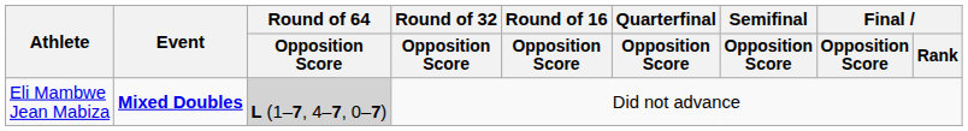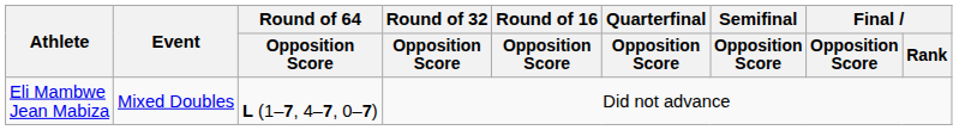 <table class=wikitable style="font-size:90%">
 <tr>
 <th rowspan=2>Athlete</th>
 <th rowspan=2>Event</th>
 <th>Round of 64</th>
 <th>Round of 32</th>
 <th>Round of 16</th>
 <th>Quarterfinal</th>
 <th>Semifinal</th>
 <th colspan=2>Final / </th>
 </tr>
 <tr style="font-size:95%">
 <th>Opposition<br>Score</th>
 <th>Opposition<br>Score</th>
 <th>Opposition<br>Score</th>
 <th>Opposition<br>Score</th>
 <th>Opposition<br>Score</th>
 <th>Opposition<br>Score</th>
 <th>Rank</th>
 </tr>
 <tr align=center>
 <td align=left><a href='#'>Eli Mambwe</a><br><a href='#'>Jean Mabiza</a></td>
-<td align=left><strong><a href='#'>Mixed Doubles</a></strong></td>
-<td style="background: lightgrey;"><br><strong>L</strong> (1–<strong>7</strong>, 4–<strong>7</strong>, 0–<strong>7</strong>)</td>
+<td align=left><a href='#'>Mixed Doubles</a></td>
+<td><br><strong>L</strong> (1–<strong>7</strong>, 4–<strong>7</strong>, 0–<strong>7</strong>)</td>
 <td colspan=6>Did not advance</td>
 </tr>
 </table>
